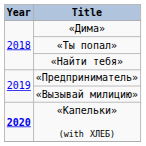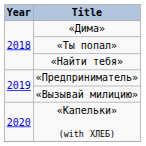 <table class="wikitable" style="text-align:center">
 <tr>
 <th style="background:#B0C4DE;">Year</th>
 <th style="background:#B0C4DE;">Title</th>
 </tr>
 <tr>
 <td rowspan="3"><a href='#'>2018</a></td>
 <td>«Дима»</td>
 </tr>
 <tr>
 <td>«Ты попал»</td>
 </tr>
 <tr>
 <td>«Найти тебя»</td>
 </tr>
 <tr>
 <td rowspan="2"><a href='#'>2019</a></td>
 <td>«Предприниматель»</td>
 </tr>
 <tr>
 <td>«Вызывай милицию»</td>
 </tr>
 <tr>
-<td><strong><a href='#'>2020</a></strong></td>
+<td><a href='#'>2020</a></td>
 <td>«Капельки» <br><br><small>(with</small> <small>ХЛЕБ)</small></td>
 </tr>
 <tr>
 </tr>
 </table>
